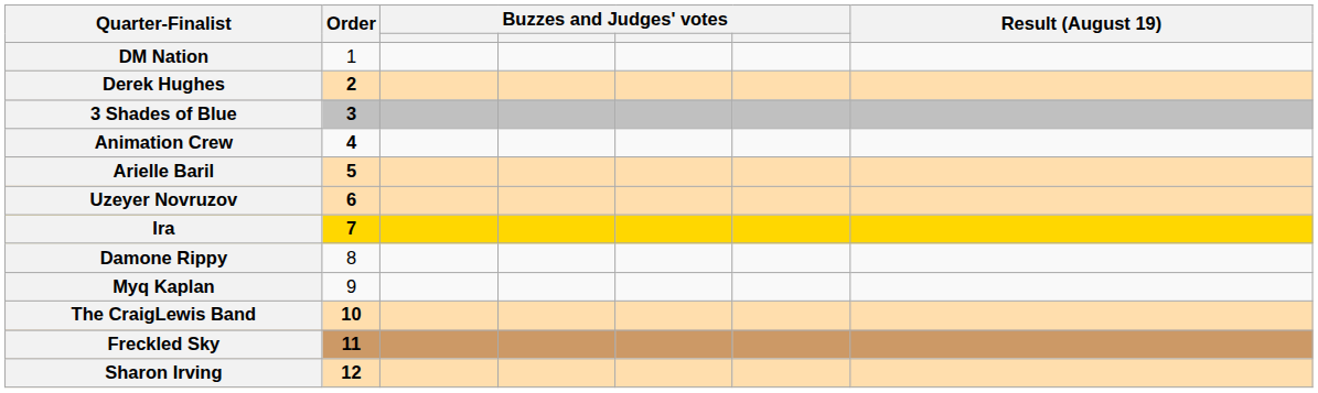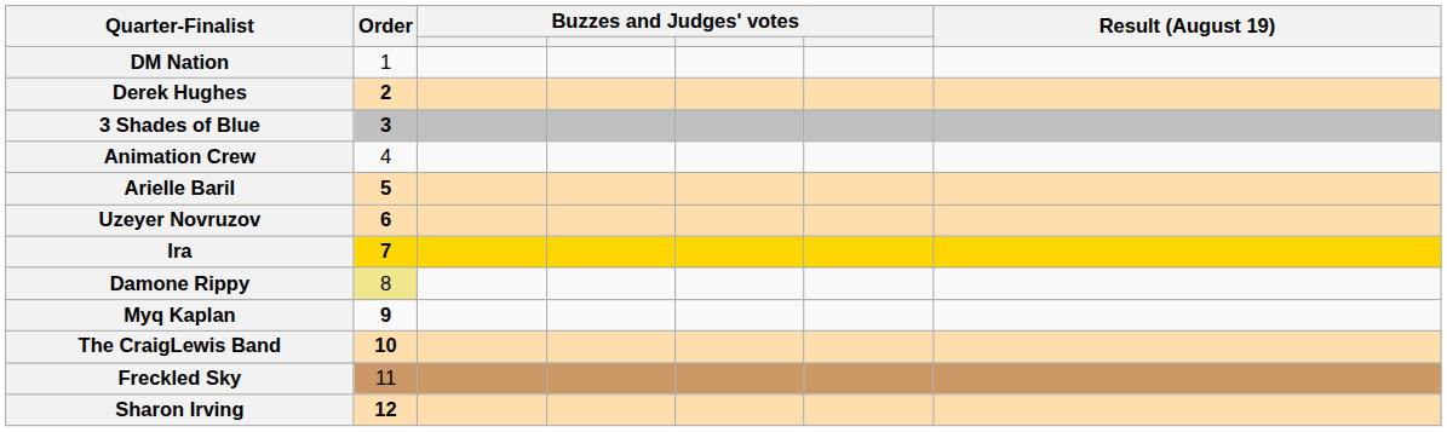 <table class="wikitable plainrowheaders sortable" style="text-align:center;">
 <tr>
 <th scope="col" rowspan="2" class="unsortable" style="width:17em;">Quarter-Finalist</th>
 <th scope="col" rowspan="2" style="width:1em;">Order</th>
 <th scope="col" colspan="4" class="unsortable" style="width:24em;">Buzzes and Judges' votes</th>
 <th scope="col" rowspan="2" style="width:25em;">Result (August 19)</th>
 </tr>
 <tr>
 <th scope="col" class="unsortable" style="width:6em;"></th>
 <th scope="col" class="unsortable" style="width:6em;"></th>
 <th scope="col" class="unsortable" style="width:6em;"></th>
 <th scope="col" class="unsortable" style="width:6em;"></th>
 </tr>
 <tr>
 <th scope="row">DM Nation</th>
 <td>1</td>
 <td style="text-align:center;"></td>
 <td style="text-align:center;"></td>
 <td style="text-align:center;"></td>
 <td style="text-align:center;"></td>
 <td></td>
 </tr>
 <tr style="background:NavajoWhite">
 <th scope="row"><strong>Derek Hughes</strong></th>
 <td><strong>2</strong></td>
 <td style="text-align:center;"></td>
 <td style="text-align:center;"></td>
 <td style="text-align:center;"></td>
 <td style="text-align:center;"></td>
 <td><strong></strong></td>
 </tr>
 <tr style="background:silver">
 <th scope="row"><strong>3 Shades of Blue</strong></th>
 <td><strong>3</strong></td>
 <td style="text-align:center;"></td>
 <td style="text-align:center;"></td>
 <td style="text-align:center;"></td>
 <td style="text-align:center;"></td>
 <td><strong></strong></td>
 </tr>
 <tr>
 <th scope="row">Animation Crew</th>
-<td><strong>4</strong></td>
+<td>4</td>
 <td style="text-align:center;"></td>
 <td style="text-align:center;"></td>
 <td style="text-align:center;"></td>
 <td style="text-align:center;"></td>
 <td></td>
 </tr>
 <tr style="background:NavajoWhite">
 <th scope="row"><strong>Arielle Baril</strong></th>
 <td><strong>5</strong></td>
 <td style="text-align:center;"></td>
 <td style="text-align:center;"></td>
 <td style="text-align:center;"></td>
 <td style="text-align:center;"></td>
 <td><strong></strong></td>
 </tr>
 <tr style="background:NavajoWhite">
 <th scope="row"><strong>Uzeyer Novruzov</strong></th>
 <td><strong>6</strong></td>
 <td style="text-align:center;"></td>
 <td style="text-align:center;"></td>
 <td style="text-align:center;"></td>
 <td style="text-align:center;"></td>
 <td><strong></strong></td>
 </tr>
 <tr style="background:gold">
 <th scope="row"><strong>Ira</strong></th>
 <td><strong>7</strong></td>
 <td style="text-align:center;"></td>
 <td style="text-align:center;"></td>
 <td style="text-align:center;"></td>
 <td style="text-align:center;"></td>
 <td><strong></strong></td>
 </tr>
 <tr>
 <th scope="row">Damone Rippy </th>
-<td>8</td>
+<td style="background: khaki;">8</td>
 <td style="text-align:center;"></td>
 <td style="text-align:center;"></td>
 <td style="text-align:center;"></td>
 <td style="text-align:center;"></td>
 <td></td>
 </tr>
 <tr>
 <th scope="row">Myq Kaplan</th>
-<td>9</td>
+<td><strong>9</strong></td>
 <td style="text-align:center;"></td>
 <td style="text-align:center;"></td>
 <td style="text-align:center;"></td>
 <td style="text-align:center;"></td>
 <td></td>
 </tr>
 <tr style="background:NavajoWhite">
 <th scope="row"><strong>The CraigLewis Band</strong></th>
 <td><strong>10</strong></td>
 <td style="text-align:center;"></td>
 <td style="text-align:center;"></td>
 <td style="text-align:center;"></td>
 <td style="text-align:center;"></td>
 <td><strong></strong></td>
 </tr>
 <tr style="background:#c96">
 <th scope="row">Freckled Sky</th>
-<td><strong>11</strong></td>
+<td>11</td>
 <td style="text-align:center;"></td>
 <td style="text-align:center;"></td>
 <td style="text-align:center;"></td>
 <td style="text-align:center;"></td>
 <td></td>
 </tr>
 <tr style="background:NavajoWhite">
 <th scope="row"><strong>Sharon Irving</strong></th>
 <td><strong>12</strong></td>
 <td style="text-align:center;"></td>
 <td style="text-align:center;"></td>
 <td style="text-align:center;"></td>
 <td style="text-align:center;"></td>
 <td><strong></strong></td>
 </tr>
 </table>
